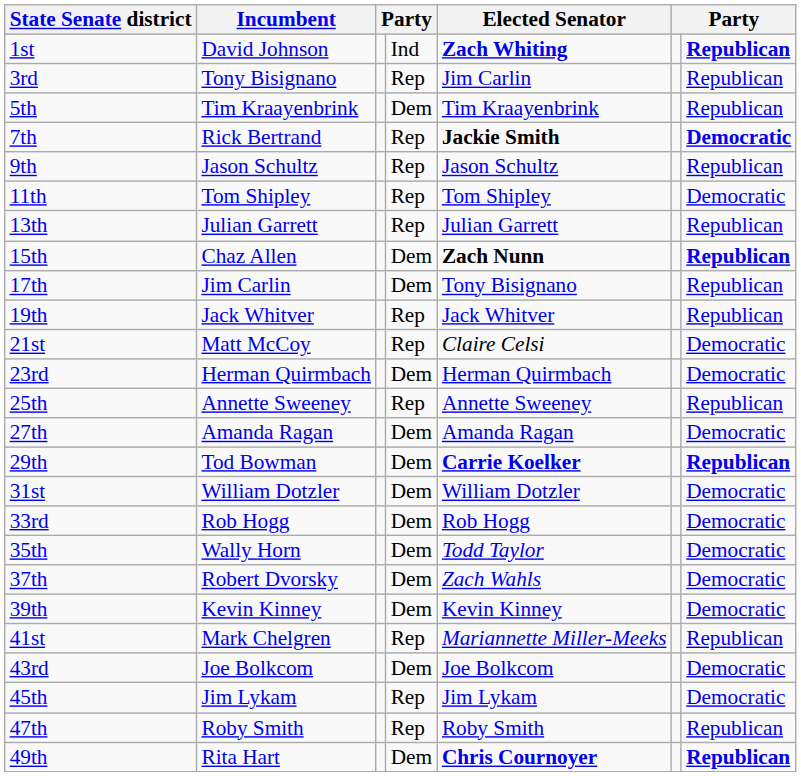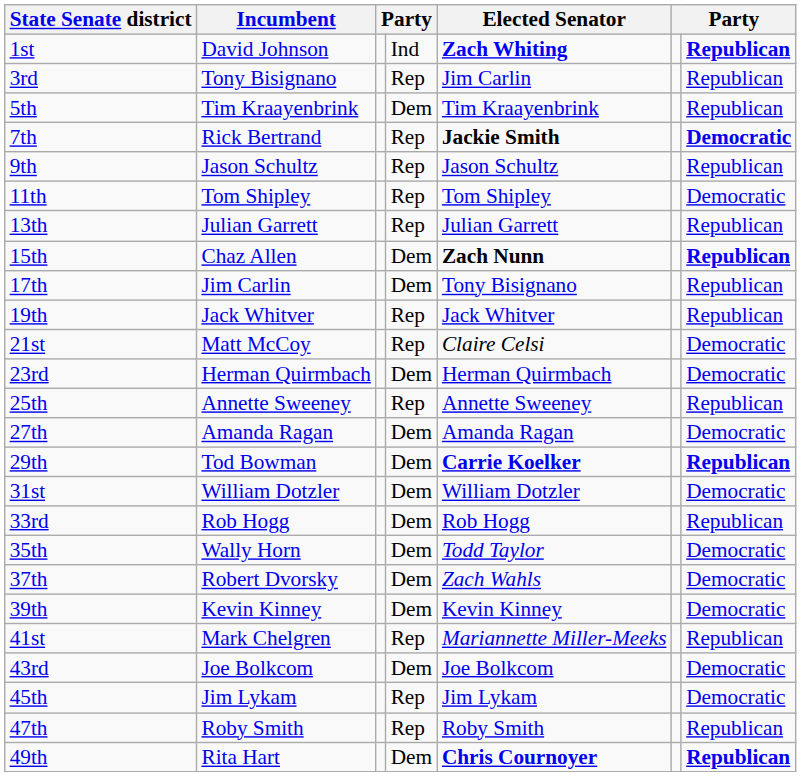 <table class="sortable wikitable" style="font-size:95%;line-height:14px;">
 <tr>
 <th class="unsortable"><a href='#'>State Senate</a> district</th>
 <th class="unsortable"><a href='#'>Incumbent</a></th>
 <th colspan="2">Party</th>
 <th class="unsortable">Elected Senator</th>
 <th colspan="2">Party</th>
 </tr>
 <tr>
 <td><a href='#'>1st</a></td>
 <td><a href='#'>David Johnson</a></td>
 <td style="background:"></td>
 <td>Ind</td>
 <td><strong><a href='#'>Zach Whiting</a></strong></td>
 <td style="background:"></td>
 <td><strong><a href='#'>Republican</a></strong></td>
 </tr>
 <tr>
 <td><a href='#'>3rd</a></td>
 <td><a href='#'>Tony Bisignano</a></td>
 <td style="background:"></td>
 <td>Rep</td>
 <td><a href='#'>Jim Carlin</a></td>
 <td style="background:"></td>
 <td><a href='#'>Republican</a></td>
 </tr>
 <tr>
 <td><a href='#'>5th</a></td>
 <td><a href='#'>Tim Kraayenbrink</a></td>
 <td style="background:"></td>
 <td>Dem</td>
 <td><a href='#'>Tim Kraayenbrink</a></td>
 <td style="background:"></td>
 <td><a href='#'>Republican</a></td>
 </tr>
 <tr>
 <td><a href='#'>7th</a></td>
 <td><a href='#'>Rick Bertrand</a></td>
 <td style="background:"></td>
 <td>Rep</td>
 <td><strong>Jackie Smith</strong></td>
 <td style="background:"></td>
 <td><strong><a href='#'>Democratic</a></strong></td>
 </tr>
 <tr>
 <td><a href='#'>9th</a></td>
 <td><a href='#'>Jason Schultz</a></td>
 <td style="background:"></td>
 <td>Rep</td>
 <td><a href='#'>Jason Schultz</a></td>
 <td style="background:"></td>
 <td><a href='#'>Republican</a></td>
 </tr>
 <tr>
 <td><a href='#'>11th</a></td>
 <td><a href='#'>Tom Shipley</a></td>
 <td style="background:"></td>
 <td>Rep</td>
 <td><a href='#'>Tom Shipley</a></td>
 <td style="background:"></td>
 <td><a href='#'>Democratic</a></td>
 </tr>
 <tr>
 <td><a href='#'>13th</a></td>
 <td><a href='#'>Julian Garrett</a></td>
 <td style="background:"></td>
 <td>Rep</td>
 <td><a href='#'>Julian Garrett</a></td>
 <td style="background:"></td>
 <td><a href='#'>Republican</a></td>
 </tr>
 <tr>
 <td><a href='#'>15th</a></td>
 <td><a href='#'>Chaz Allen</a></td>
 <td style="background:"></td>
 <td>Dem</td>
 <td><strong>Zach Nunn</strong></td>
 <td style="background:"></td>
 <td><strong><a href='#'>Republican</a></strong></td>
 </tr>
 <tr>
 <td><a href='#'>17th</a></td>
 <td><a href='#'>Jim Carlin</a></td>
 <td style="background:"></td>
 <td>Dem</td>
 <td><a href='#'>Tony Bisignano</a></td>
 <td style="background:"></td>
 <td><a href='#'>Republican</a></td>
 </tr>
 <tr>
 <td><a href='#'>19th</a></td>
 <td><a href='#'>Jack Whitver</a></td>
 <td style="background:"></td>
 <td>Rep</td>
 <td><a href='#'>Jack Whitver</a></td>
 <td style="background:"></td>
 <td><a href='#'>Republican</a></td>
 </tr>
 <tr>
 <td><a href='#'>21st</a></td>
 <td><a href='#'>Matt McCoy</a></td>
 <td style="background:"></td>
 <td>Rep</td>
 <td><em>Claire Celsi</em></td>
 <td style="background:"></td>
 <td><a href='#'>Democratic</a></td>
 </tr>
 <tr>
 <td><a href='#'>23rd</a></td>
 <td><a href='#'>Herman Quirmbach</a></td>
 <td style="background:"></td>
 <td>Dem</td>
 <td><a href='#'>Herman Quirmbach</a></td>
 <td style="background:"></td>
 <td><a href='#'>Democratic</a></td>
 </tr>
 <tr>
 <td><a href='#'>25th</a></td>
 <td><a href='#'>Annette Sweeney</a></td>
 <td style="background:"></td>
 <td>Rep</td>
 <td><a href='#'>Annette Sweeney</a></td>
 <td style="background:"></td>
 <td><a href='#'>Republican</a></td>
 </tr>
 <tr>
 <td><a href='#'>27th</a></td>
 <td><a href='#'>Amanda Ragan</a></td>
 <td style="background:"></td>
 <td>Dem</td>
 <td><a href='#'>Amanda Ragan</a></td>
 <td style="background:"></td>
 <td><a href='#'>Democratic</a></td>
 </tr>
 <tr>
 <td><a href='#'>29th</a></td>
 <td><a href='#'>Tod Bowman</a></td>
 <td style="background:"></td>
 <td>Dem</td>
 <td><strong><a href='#'>Carrie Koelker</a></strong></td>
 <td style="background:"></td>
 <td><strong><a href='#'>Republican</a></strong></td>
 </tr>
 <tr>
 <td><a href='#'>31st</a></td>
 <td><a href='#'>William Dotzler</a></td>
 <td style="background:"></td>
 <td>Dem</td>
 <td><a href='#'>William Dotzler</a></td>
 <td style="background:"></td>
 <td><a href='#'>Democratic</a></td>
 </tr>
 <tr>
 <td><a href='#'>33rd</a></td>
 <td><a href='#'>Rob Hogg</a></td>
 <td style="background:"></td>
 <td>Dem</td>
 <td><a href='#'>Rob Hogg</a></td>
 <td style="background:"></td>
-<td><a href='#'>Democratic</a></td>
+<td><a href='#'>Republican</a></td>
 </tr>
 <tr>
 <td><a href='#'>35th</a></td>
 <td><a href='#'>Wally Horn</a></td>
 <td style="background:"></td>
 <td>Dem</td>
 <td><em><a href='#'>Todd Taylor</a></em></td>
 <td style="background:"></td>
 <td><a href='#'>Democratic</a></td>
 </tr>
 <tr>
 <td><a href='#'>37th</a></td>
 <td><a href='#'>Robert Dvorsky</a></td>
 <td style="background:"></td>
 <td>Dem</td>
 <td><em><a href='#'>Zach Wahls</a></em></td>
 <td style="background:"></td>
 <td><a href='#'>Democratic</a></td>
 </tr>
 <tr>
 <td><a href='#'>39th</a></td>
 <td><a href='#'>Kevin Kinney</a></td>
 <td style="background:"></td>
 <td>Dem</td>
 <td><a href='#'>Kevin Kinney</a></td>
 <td style="background:"></td>
 <td><a href='#'>Democratic</a></td>
 </tr>
 <tr>
 <td><a href='#'>41st</a></td>
 <td><a href='#'>Mark Chelgren</a></td>
 <td style="background:"></td>
 <td>Rep</td>
 <td><em><a href='#'>Mariannette Miller-Meeks</a></em></td>
 <td style="background:"></td>
 <td><a href='#'>Republican</a></td>
 </tr>
 <tr>
 <td><a href='#'>43rd</a></td>
 <td><a href='#'>Joe Bolkcom</a></td>
 <td style="background:"></td>
 <td>Dem</td>
 <td><a href='#'>Joe Bolkcom</a></td>
 <td style="background:"></td>
 <td><a href='#'>Democratic</a></td>
 </tr>
 <tr>
 <td><a href='#'>45th</a></td>
 <td><a href='#'>Jim Lykam</a></td>
 <td style="background:"></td>
 <td>Rep</td>
 <td><a href='#'>Jim Lykam</a></td>
 <td style="background:"></td>
 <td><a href='#'>Democratic</a></td>
 </tr>
 <tr>
 <td><a href='#'>47th</a></td>
 <td><a href='#'>Roby Smith</a></td>
 <td style="background:"></td>
 <td>Rep</td>
 <td><a href='#'>Roby Smith</a></td>
 <td style="background:"></td>
 <td><a href='#'>Republican</a></td>
 </tr>
 <tr>
 <td><a href='#'>49th</a></td>
 <td><a href='#'>Rita Hart</a></td>
 <td style="background:"></td>
 <td>Dem</td>
 <td><strong><a href='#'>Chris Cournoyer</a></strong></td>
 <td style="background:"></td>
 <td><strong><a href='#'>Republican</a></strong></td>
 </tr>
 <tr>
 </tr>
 </table>
